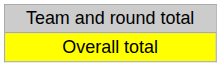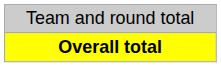 <table class="wikitable" style="text-align:center" width=15%>
 <tr>
 <td bgcolor=#cccccc align=center>Team and round total</td>
 </tr>
 <tr>
-<td bgcolor=#ffff00 align=center>Overall total</td>
+<td bgcolor=#ffff00 align=center><strong>Overall total</strong></td>
 </tr>
 </table>
